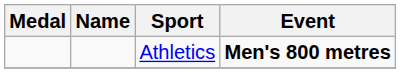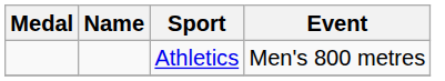 <table class="wikitable sortable" style="font-size:95%">
 <tr>
 <th>Medal</th>
 <th>Name</th>
 <th>Sport</th>
 <th>Event</th>
 </tr>
 <tr>
 <td></td>
 <td></td>
 <td><a href='#'>Athletics</a></td>
-<td><strong>Men's 800 metres</strong></td>
+<td>Men's 800 metres</td>
 </tr>
 <tr>
 </tr>
 </table>
